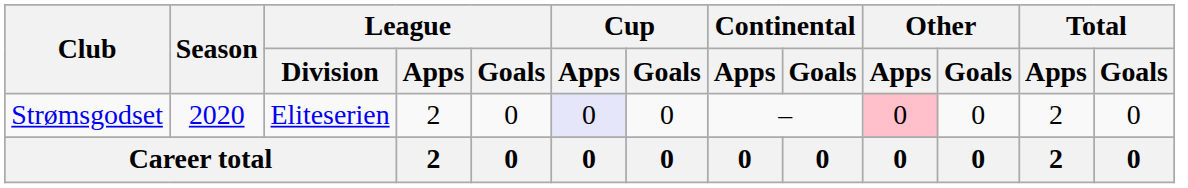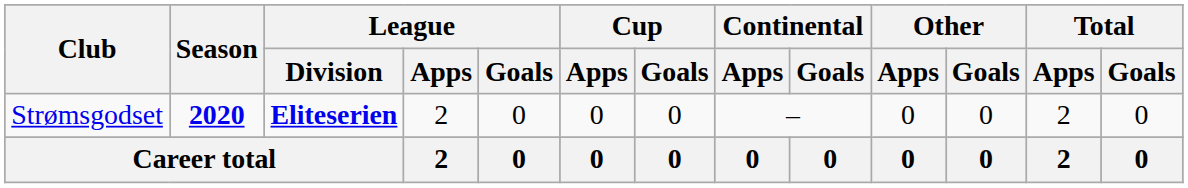 <table class="wikitable" style="text-align: center">
 <tr>
 <th rowspan="2">Club</th>
 <th rowspan="2">Season</th>
 <th colspan="3">League</th>
 <th colspan="2">Cup</th>
 <th colspan="2">Continental</th>
 <th colspan="2">Other</th>
 <th colspan="2">Total</th>
 </tr>
 <tr>
 <th>Division</th>
 <th>Apps</th>
 <th>Goals</th>
 <th>Apps</th>
 <th>Goals</th>
 <th>Apps</th>
 <th>Goals</th>
 <th>Apps</th>
 <th>Goals</th>
 <th>Apps</th>
 <th>Goals</th>
 </tr>
 <tr>
 <td><a href='#'>Strømsgodset</a></td>
-<td><a href='#'>2020</a></td>
-<td><a href='#'>Eliteserien</a></td>
+<td><strong><a href='#'>2020</a></strong></td>
+<td><strong><a href='#'>Eliteserien</a></strong></td>
 <td>2</td>
 <td>0</td>
-<td style="background: lavender;">0</td>
+<td>0</td>
 <td>0</td>
 <td colspan="2">–</td>
-<td style="background: pink;">0</td>
+<td>0</td>
 <td>0</td>
 <td>2</td>
 <td>0</td>
 </tr>
 <tr>
 <th colspan=3>Career total</th>
 <th>2</th>
 <th>0</th>
 <th>0</th>
 <th>0</th>
 <th>0</th>
 <th>0</th>
 <th>0</th>
 <th>0</th>
 <th>2</th>
 <th>0</th>
 </tr>
 </table>
